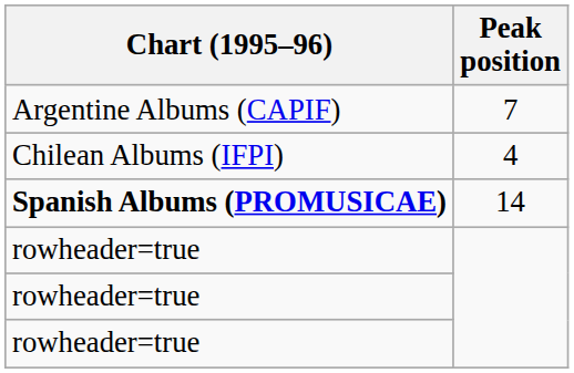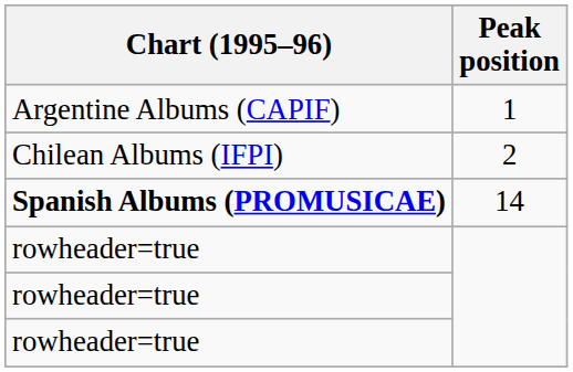 <table class="wikitable sortable">
 <tr>
 <th align="left">Chart (1995–96)</th>
 <th align="left">Peak<br>position</th>
 </tr>
 <tr>
 <td rowheader=true>Argentine Albums (<a href='#'>CAPIF</a>)</td>
-<td align="center">7</td>
+<td align="center">1</td>
 </tr>
 <tr>
 <td rowheader=true>Chilean Albums (<a href='#'>IFPI</a>)</td>
-<td align="center">4</td>
+<td align="center">2</td>
 </tr>
 <tr>
 <td rowheader=true><strong>Spanish Albums (<a href='#'>PROMUSICAE</a>)</strong></td>
 <td align="center">14</td>
 </tr>
 <tr>
 <td>rowheader=true</td>
 </tr>
 <tr>
 <td>rowheader=true</td>
 </tr>
 <tr>
 <td>rowheader=true</td>
 </tr>
 </table>
